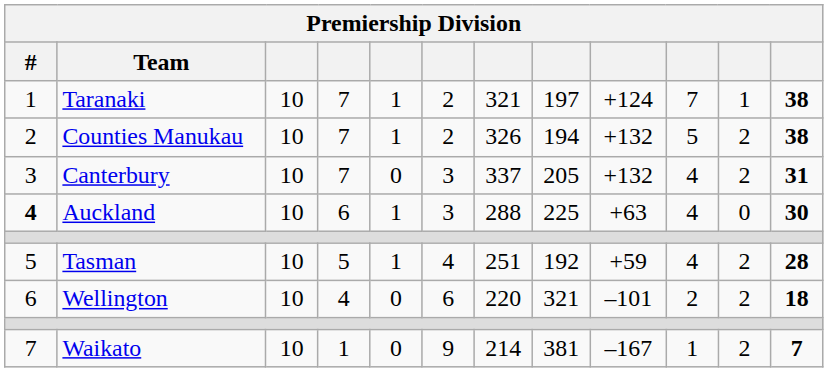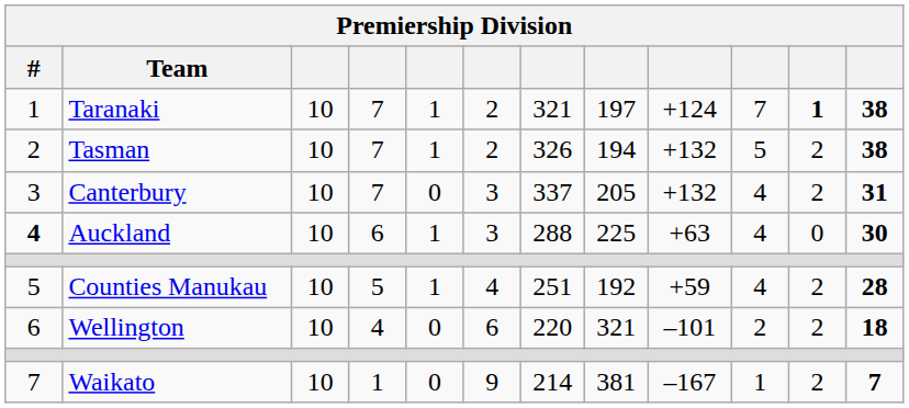 <table class="wikitable" width="550px" style="text-align:center">
 <tr>
 <th colspan="12">Premiership Division</th>
 </tr>
 <tr>
 <th style="width:5%">#</th>
 <th style="width:20%">Team</th>
 <th style="width:5%"></th>
 <th style="width:5%"></th>
 <th style="width:5%"></th>
 <th style="width:5%"></th>
 <th style="width:5%"></th>
 <th style="width:5%"></th>
 <th style="width:7%"></th>
 <th style="width:5%"></th>
 <th style="width:5%"></th>
 <th style="width:5%"></th>
 </tr>
 <tr>
 <td>1</td>
 <td style="text-align:left"><a href='#'>Taranaki</a></td>
 <td>10</td>
 <td>7</td>
 <td>1</td>
 <td>2</td>
 <td>321</td>
 <td>197</td>
 <td>+124</td>
 <td>7</td>
-<td>1</td>
+<td><strong>1</strong></td>
 <td><strong>38</strong></td>
 </tr>
 <tr>
 <td>2</td>
-<td style="text-align:left"><a href='#'>Counties Manukau</a></td>
+<td style="text-align:left"><a href='#'>Tasman</a></td>
 <td>10</td>
 <td>7</td>
 <td>1</td>
 <td>2</td>
 <td>326</td>
 <td>194</td>
 <td>+132</td>
 <td>5</td>
 <td>2</td>
 <td><strong>38</strong></td>
 </tr>
 <tr>
 <td>3</td>
 <td style="text-align:left"><a href='#'>Canterbury</a></td>
 <td>10</td>
 <td>7</td>
 <td>0</td>
 <td>3</td>
 <td>337</td>
 <td>205</td>
 <td>+132</td>
 <td>4</td>
 <td>2</td>
 <td><strong>31</strong></td>
 </tr>
 <tr>
 <td><strong>4</strong></td>
 <td style="text-align:left"><a href='#'>Auckland</a></td>
 <td>10</td>
 <td>6</td>
 <td>1</td>
 <td>3</td>
 <td>288</td>
 <td>225</td>
 <td>+63</td>
 <td>4</td>
 <td>0</td>
 <td><strong>30</strong></td>
 </tr>
 <tr>
 <td colspan=12 style="background-color:#DDDDDD"></td>
 </tr>
 <tr>
 <td>5</td>
-<td style="text-align:left"><a href='#'>Tasman</a></td>
+<td style="text-align:left"><a href='#'>Counties Manukau</a></td>
 <td>10</td>
 <td>5</td>
 <td>1</td>
 <td>4</td>
 <td>251</td>
 <td>192</td>
 <td>+59</td>
 <td>4</td>
 <td>2</td>
 <td><strong>28</strong></td>
 </tr>
 <tr>
 <td>6</td>
 <td style="text-align:left"><a href='#'>Wellington</a></td>
 <td>10</td>
 <td>4</td>
 <td>0</td>
 <td>6</td>
 <td>220</td>
 <td>321</td>
 <td>–101</td>
 <td>2</td>
 <td>2</td>
 <td><strong>18</strong></td>
 </tr>
 <tr>
 <td colspan=12 style="background-color:#DDDDDD"></td>
 </tr>
 <tr>
 <td>7</td>
 <td style="text-align:left"><a href='#'>Waikato</a></td>
 <td>10</td>
 <td>1</td>
 <td>0</td>
 <td>9</td>
 <td>214</td>
 <td>381</td>
 <td>–167</td>
 <td>1</td>
 <td>2</td>
 <td><strong>7</strong></td>
 </tr>
 </table>
